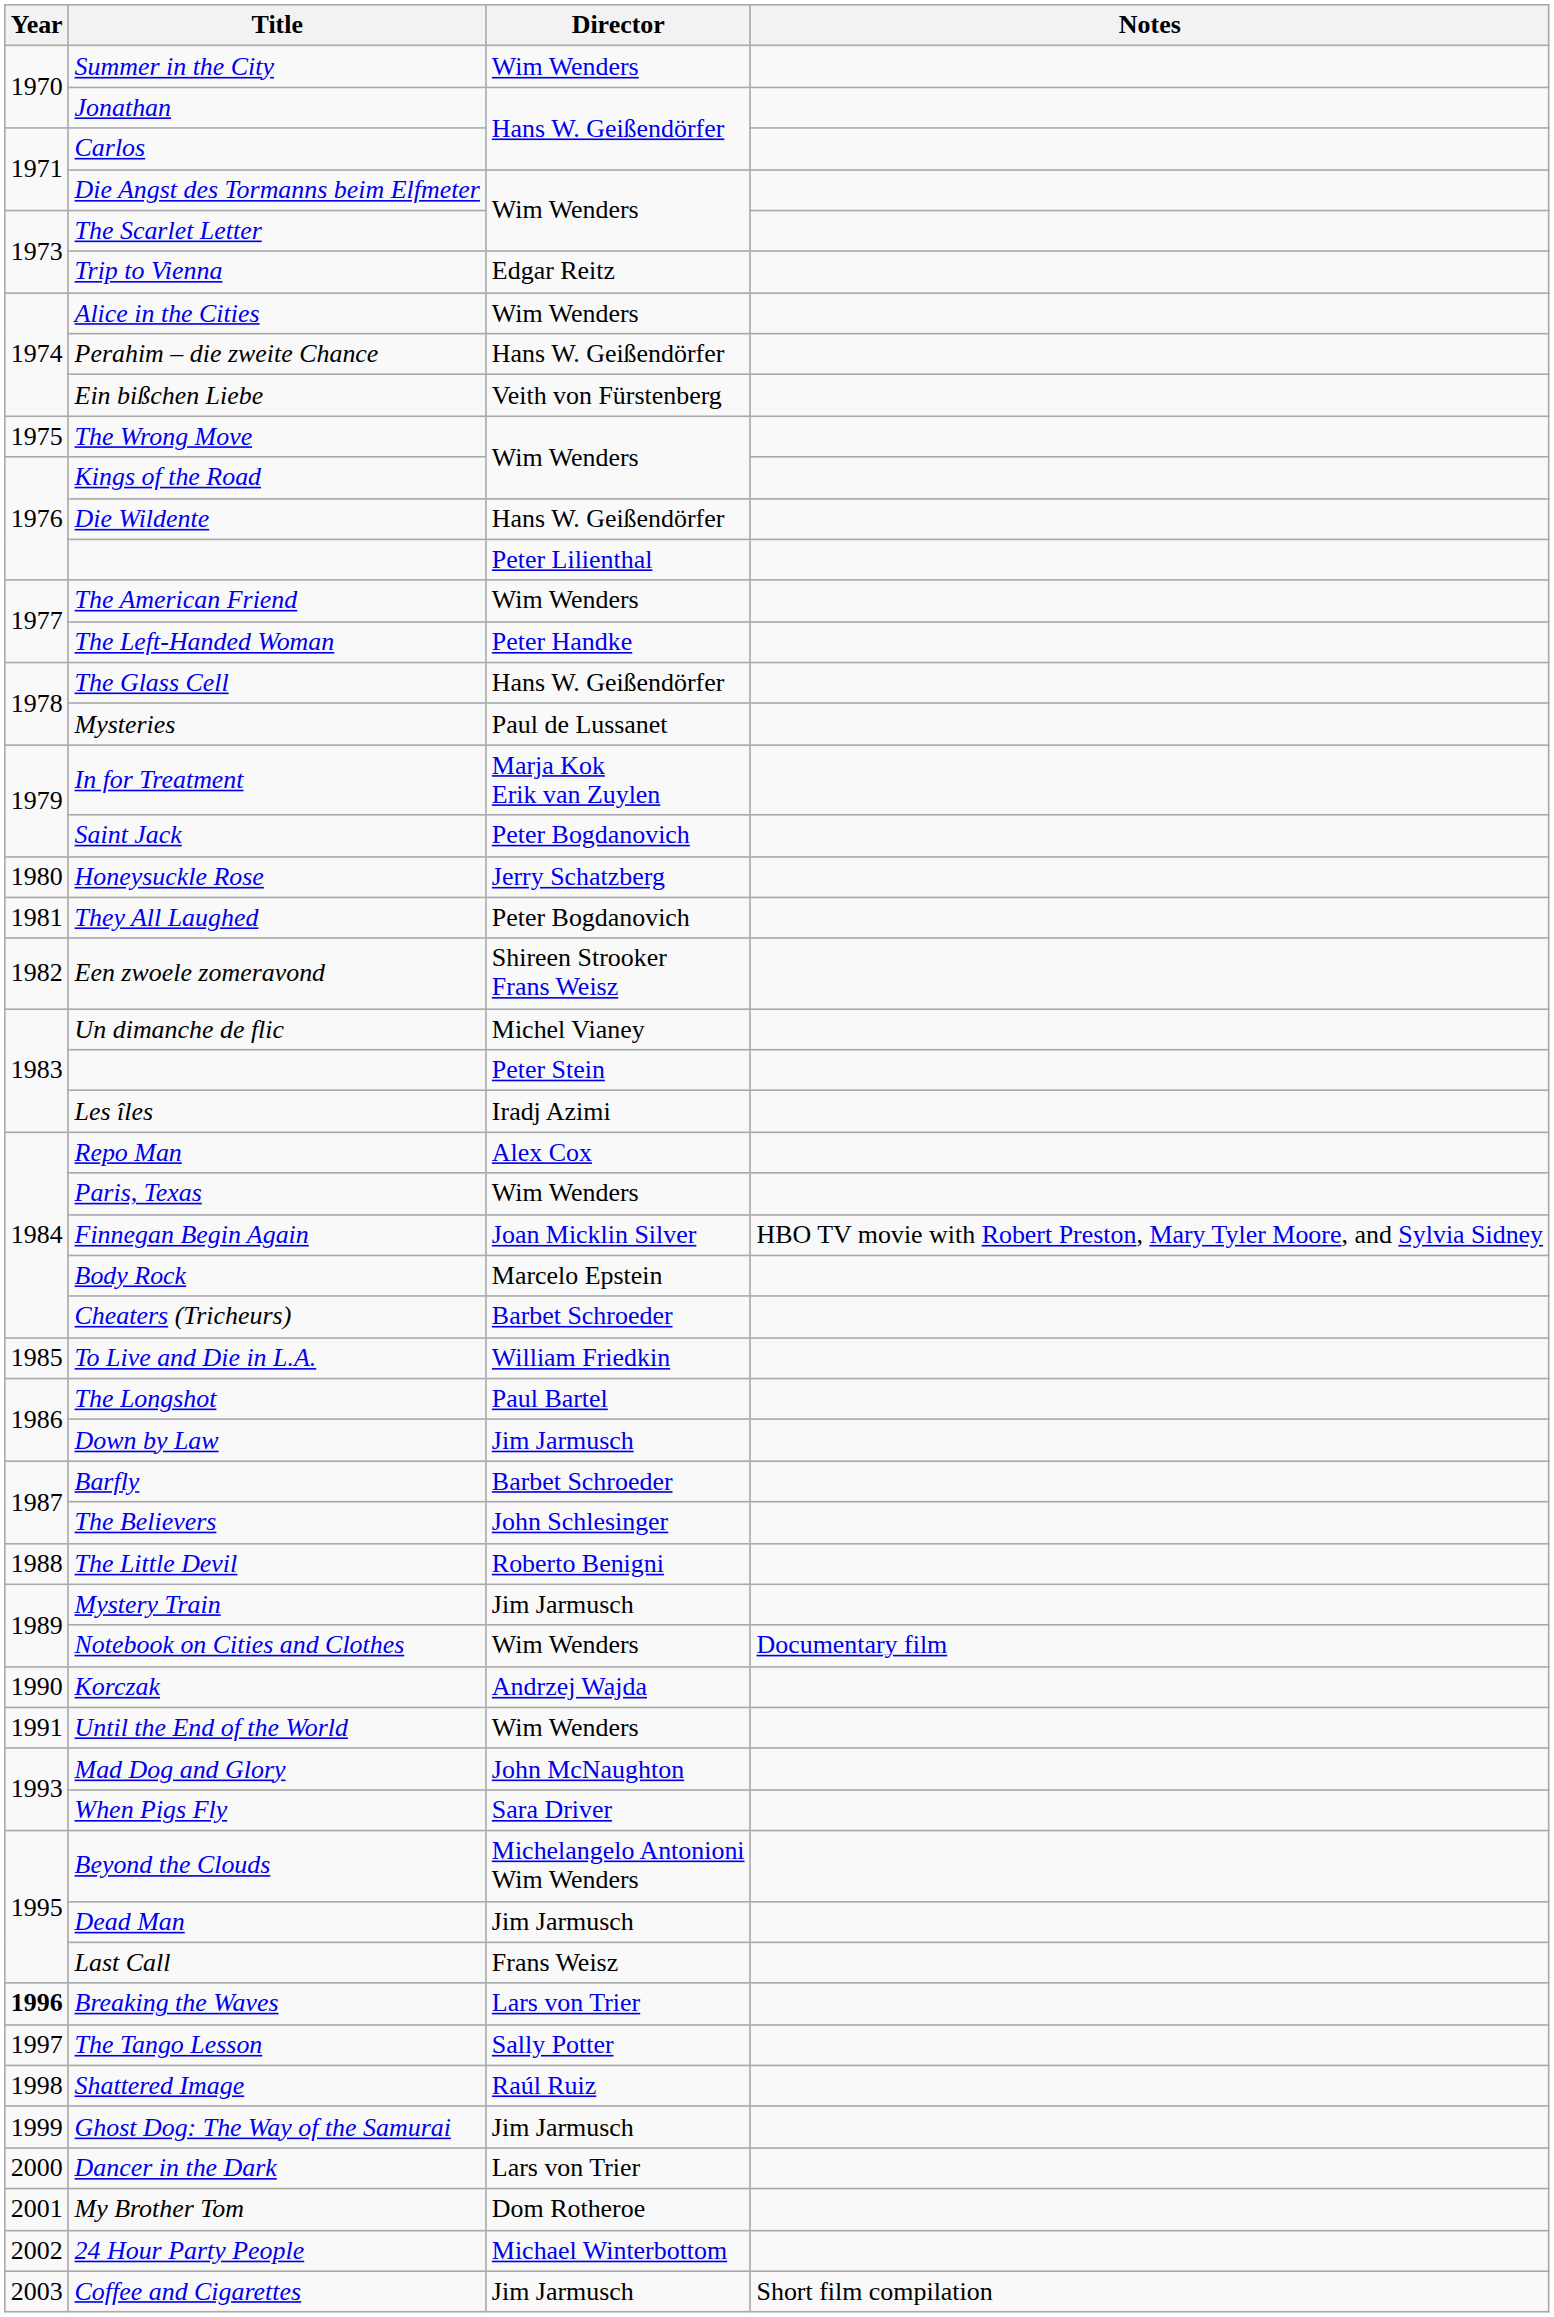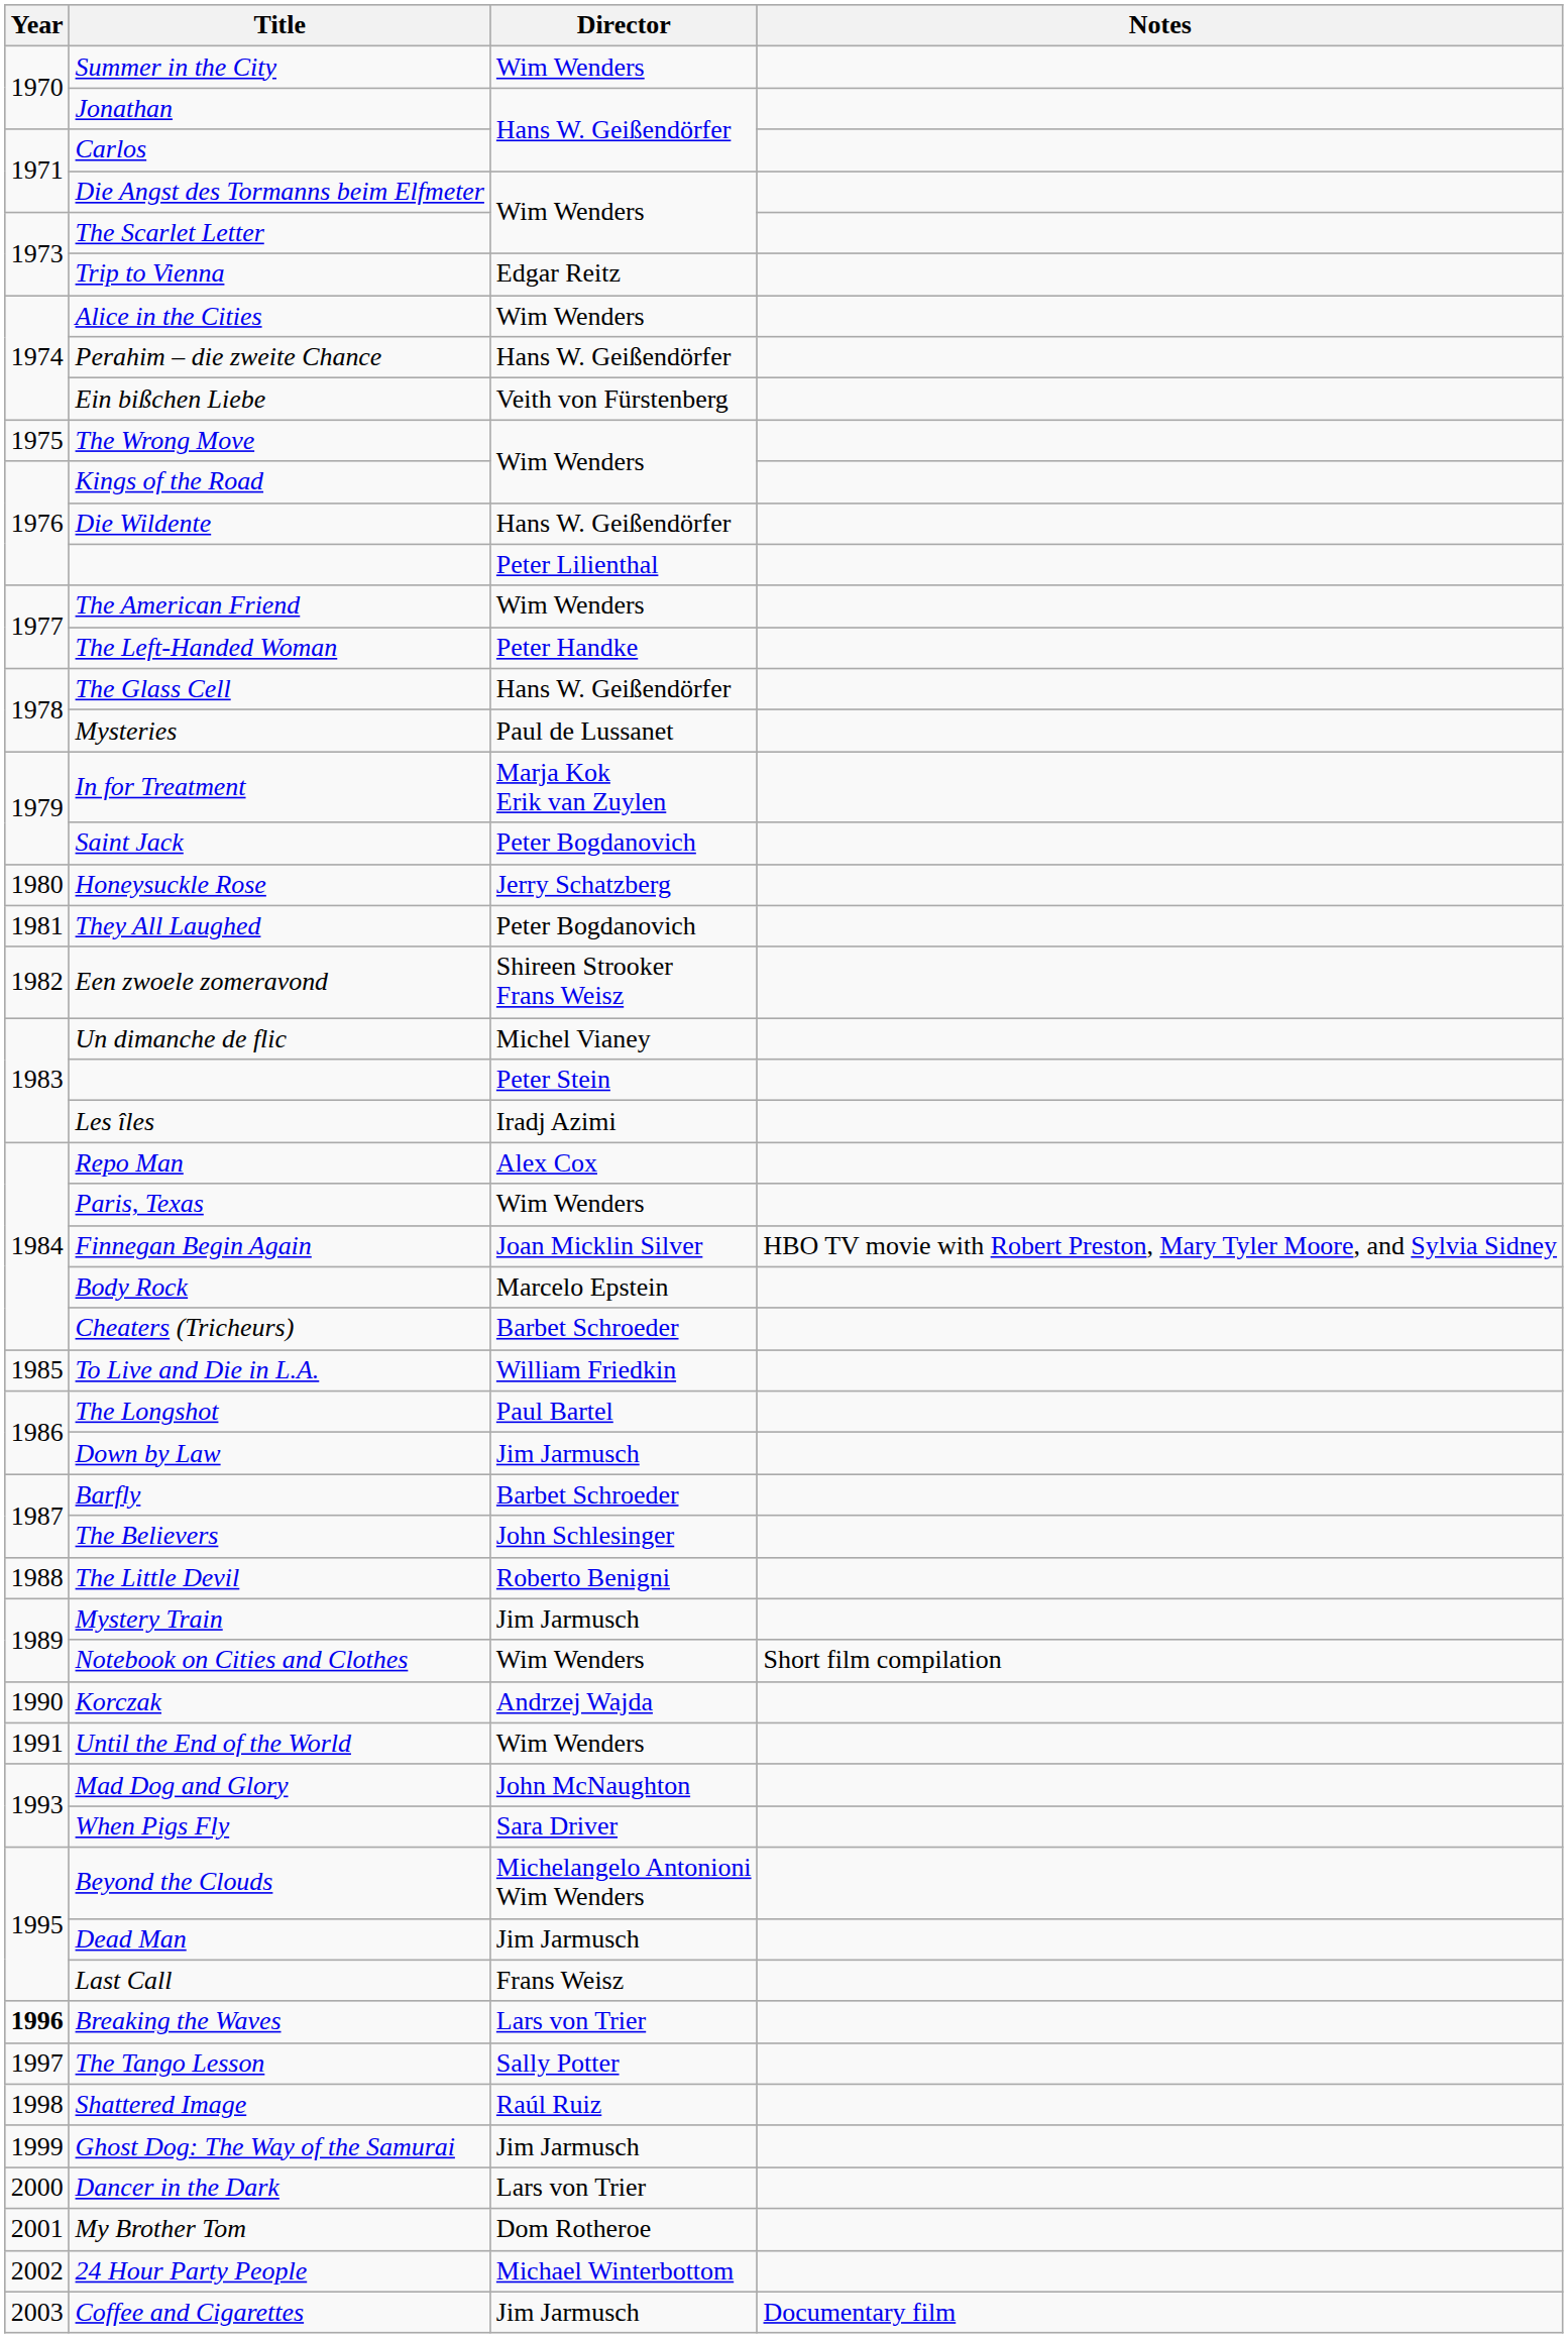 <table class="wikitable">
 <tr>
 <th>Year</th>
 <th>Title</th>
 <th>Director</th>
 <th>Notes</th>
 </tr>
 <tr>
 <td rowspan="2">1970</td>
 <td><em><a href='#'>Summer in the City</a></em></td>
 <td><a href='#'>Wim Wenders</a></td>
 <td></td>
 </tr>
 <tr>
 <td><em><a href='#'>Jonathan</a></em></td>
 <td rowspan="2"><a href='#'>Hans W. Geißendörfer</a></td>
 <td></td>
 </tr>
 <tr>
 <td rowspan="2">1971</td>
 <td><em><a href='#'>Carlos</a></em></td>
 <td></td>
 </tr>
 <tr>
 <td><em><a href='#'>Die Angst des Tormanns beim Elfmeter</a></em></td>
 <td rowspan="2">Wim Wenders</td>
 <td></td>
 </tr>
 <tr>
 <td rowspan="2">1973</td>
 <td><em><a href='#'>The Scarlet Letter</a></em></td>
 <td></td>
 </tr>
 <tr>
 <td><em><a href='#'>Trip to Vienna</a></em></td>
 <td>Edgar Reitz</td>
 <td></td>
 </tr>
 <tr>
 <td rowspan="3">1974</td>
 <td><em><a href='#'>Alice in the Cities</a></em></td>
 <td>Wim Wenders</td>
 <td></td>
 </tr>
 <tr>
 <td><em>Perahim – die zweite Chance</em></td>
 <td>Hans W. Geißendörfer</td>
 <td></td>
 </tr>
 <tr>
 <td><em>Ein bißchen Liebe</em></td>
 <td>Veith von Fürstenberg</td>
 <td></td>
 </tr>
 <tr>
 <td>1975</td>
 <td><em><a href='#'>The Wrong Move</a></em></td>
 <td rowspan="2">Wim Wenders</td>
 <td></td>
 </tr>
 <tr>
 <td rowspan="3">1976</td>
 <td><em><a href='#'>Kings of the Road</a></em></td>
 <td></td>
 </tr>
 <tr>
 <td><em><a href='#'>Die Wildente</a></em></td>
 <td>Hans W. Geißendörfer</td>
 <td></td>
 </tr>
 <tr>
 <td><em></em></td>
 <td><a href='#'>Peter Lilienthal</a></td>
 <td></td>
 </tr>
 <tr>
 <td rowspan="2">1977</td>
 <td><em><a href='#'>The American Friend</a></em></td>
 <td>Wim Wenders</td>
 <td></td>
 </tr>
 <tr>
 <td><em><a href='#'>The Left-Handed Woman</a></em></td>
 <td><a href='#'>Peter Handke</a></td>
 <td></td>
 </tr>
 <tr>
 <td rowspan="2">1978</td>
 <td><em><a href='#'>The Glass Cell</a></em></td>
 <td>Hans W. Geißendörfer</td>
 <td></td>
 </tr>
 <tr>
 <td><em>Mysteries</em></td>
 <td>Paul de Lussanet</td>
 <td></td>
 </tr>
 <tr>
 <td rowspan=2>1979</td>
 <td><em><a href='#'>In for Treatment</a></em></td>
 <td><a href='#'>Marja Kok</a><br><a href='#'>Erik van Zuylen</a></td>
 <td></td>
 </tr>
 <tr>
 <td><a href='#'><em>Saint Jack</em></a></td>
 <td><a href='#'>Peter Bogdanovich</a></td>
 <td></td>
 </tr>
 <tr>
 <td>1980</td>
 <td><em><a href='#'>Honeysuckle Rose</a></em></td>
 <td><a href='#'>Jerry Schatzberg</a></td>
 <td></td>
 </tr>
 <tr>
 <td>1981</td>
 <td><em><a href='#'>They All Laughed</a></em></td>
 <td>Peter Bogdanovich</td>
 <td></td>
 </tr>
 <tr>
 <td>1982</td>
 <td><em>Een zwoele zomeravond</em></td>
 <td>Shireen Strooker<br><a href='#'>Frans Weisz</a></td>
 <td></td>
 </tr>
 <tr>
 <td rowspan="3">1983</td>
 <td><em>Un dimanche de flic</em></td>
 <td>Michel Vianey</td>
 <td></td>
 </tr>
 <tr>
 <td><em></em></td>
 <td><a href='#'>Peter Stein</a></td>
 <td></td>
 </tr>
 <tr>
 <td><em>Les îles</em></td>
 <td>Iradj Azimi</td>
 <td></td>
 </tr>
 <tr>
 <td rowspan="5">1984</td>
 <td><em><a href='#'>Repo Man</a></em></td>
 <td><a href='#'>Alex Cox</a></td>
 <td></td>
 </tr>
 <tr>
 <td><em><a href='#'>Paris, Texas</a></em></td>
 <td>Wim Wenders</td>
 <td></td>
 </tr>
 <tr>
 <td><em><a href='#'>Finnegan Begin Again</a></em></td>
 <td><a href='#'>Joan Micklin Silver</a></td>
 <td>HBO TV movie with <a href='#'>Robert Preston</a>, <a href='#'>Mary Tyler Moore</a>, and <a href='#'>Sylvia Sidney</a></td>
 </tr>
 <tr>
 <td><em><a href='#'>Body Rock</a></em></td>
 <td>Marcelo Epstein</td>
 <td></td>
 </tr>
 <tr>
 <td><em><a href='#'>Cheaters</a> (Tricheurs)</em></td>
 <td><a href='#'>Barbet Schroeder</a></td>
 <td></td>
 </tr>
 <tr>
 <td>1985</td>
 <td><em><a href='#'>To Live and Die in L.A.</a></em></td>
 <td><a href='#'>William Friedkin</a></td>
 <td></td>
 </tr>
 <tr>
 <td rowspan="2">1986</td>
 <td><em><a href='#'>The Longshot</a></em></td>
 <td><a href='#'>Paul Bartel</a></td>
 <td></td>
 </tr>
 <tr>
 <td><em><a href='#'>Down by Law</a></em></td>
 <td><a href='#'>Jim Jarmusch</a></td>
 <td></td>
 </tr>
 <tr>
 <td rowspan="2">1987</td>
 <td><em><a href='#'>Barfly</a></em></td>
 <td><a href='#'>Barbet Schroeder</a></td>
 <td></td>
 </tr>
 <tr>
 <td><em><a href='#'>The Believers</a></em></td>
 <td><a href='#'>John Schlesinger</a></td>
 <td></td>
 </tr>
 <tr>
 <td>1988</td>
 <td><em><a href='#'>The Little Devil</a></em></td>
 <td><a href='#'>Roberto Benigni</a></td>
 <td></td>
 </tr>
 <tr>
 <td rowspan=2>1989</td>
 <td><em><a href='#'>Mystery Train</a></em></td>
 <td>Jim Jarmusch</td>
 <td></td>
 </tr>
 <tr>
 <td><em><a href='#'>Notebook on Cities and Clothes</a></em></td>
 <td>Wim Wenders</td>
-<td><a href='#'>Documentary film</a></td>
+<td>Short film compilation</td>
 </tr>
 <tr>
 <td>1990</td>
 <td><em><a href='#'>Korczak</a></em></td>
 <td><a href='#'>Andrzej Wajda</a></td>
 <td></td>
 </tr>
 <tr>
 <td>1991</td>
 <td><em><a href='#'>Until the End of the World</a></em></td>
 <td>Wim Wenders</td>
 <td></td>
 </tr>
 <tr>
 <td rowspan="2">1993</td>
 <td><em><a href='#'>Mad Dog and Glory</a></em></td>
 <td><a href='#'>John McNaughton</a></td>
 <td></td>
 </tr>
 <tr>
 <td><em><a href='#'>When Pigs Fly</a></em></td>
 <td><a href='#'>Sara Driver</a></td>
 <td></td>
 </tr>
 <tr>
 <td rowspan="3">1995</td>
 <td><em><a href='#'>Beyond the Clouds</a></em></td>
 <td><a href='#'>Michelangelo Antonioni</a><br>Wim Wenders</td>
 <td></td>
 </tr>
 <tr>
 <td><em><a href='#'>Dead Man</a></em></td>
 <td>Jim Jarmusch</td>
 <td></td>
 </tr>
 <tr>
 <td><em>Last Call</em></td>
 <td>Frans Weisz</td>
 <td></td>
 </tr>
 <tr>
 <td><strong>1996</strong></td>
 <td><em><a href='#'>Breaking the Waves</a></em></td>
 <td><a href='#'>Lars von Trier</a></td>
 <td></td>
 </tr>
 <tr>
 <td>1997</td>
 <td><em><a href='#'>The Tango Lesson</a></em></td>
 <td><a href='#'>Sally Potter</a></td>
 <td></td>
 </tr>
 <tr>
 <td>1998</td>
 <td><em><a href='#'>Shattered Image</a></em></td>
 <td><a href='#'>Raúl Ruiz</a></td>
 <td></td>
 </tr>
 <tr>
 <td>1999</td>
 <td><em><a href='#'>Ghost Dog: The Way of the Samurai</a></em></td>
 <td>Jim Jarmusch</td>
 <td></td>
 </tr>
 <tr>
 <td>2000</td>
 <td><em><a href='#'>Dancer in the Dark</a></em></td>
 <td>Lars von Trier</td>
 <td></td>
 </tr>
 <tr>
 <td>2001</td>
 <td><em>My Brother Tom</em></td>
 <td>Dom Rotheroe</td>
 <td></td>
 </tr>
 <tr>
 <td>2002</td>
 <td><em><a href='#'>24 Hour Party People</a></em></td>
 <td><a href='#'>Michael Winterbottom</a></td>
 <td></td>
 </tr>
 <tr>
 <td>2003</td>
 <td><em><a href='#'>Coffee and Cigarettes</a></em></td>
 <td>Jim Jarmusch</td>
-<td>Short film compilation</td>
+<td><a href='#'>Documentary film</a></td>
 </tr>
 </table>
